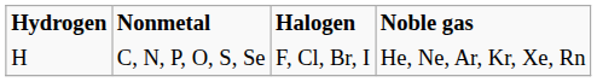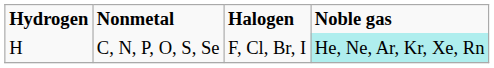 <table class="wikitable floatright" style="margin-left: 0.5em;">
 <tr>
 <td style="border-bottom: none"><strong>Hydrogen</strong></td>
 <td style="border-bottom: none"><strong>Nonmetal</strong></td>
 <td style="border-bottom: none"><strong>Halogen</strong></td>
 <td style="border-bottom: none"><strong>Noble gas</strong></td>
 </tr>
 <tr>
 <td style="border-top:none">H</td>
 <td style="border-top:none">C, N, P, O, S, Se</td>
 <td style="border-top:none">F, Cl, Br, I</td>
-<td style="border-top:none">He, Ne, Ar, Kr, Xe, Rn</td>
+<td style="background: paleturquoise; border-top:none">He, Ne, Ar, Kr, Xe, Rn</td>
 </tr>
 <tr>
 </tr>
 </table>
